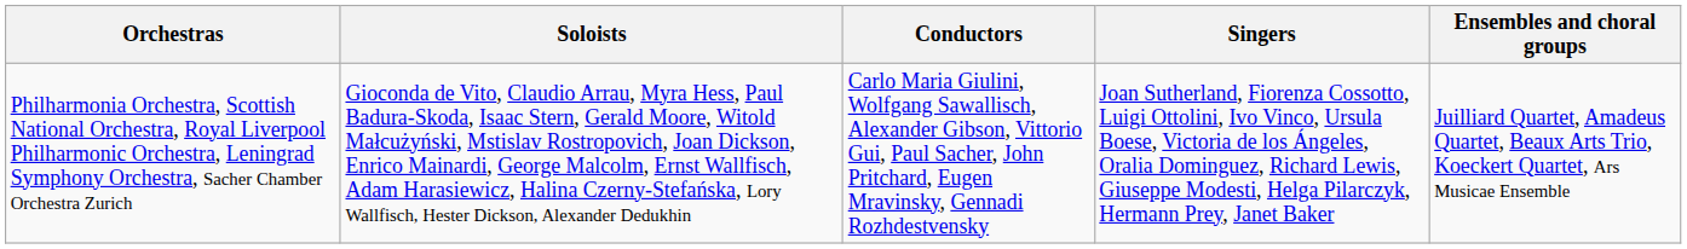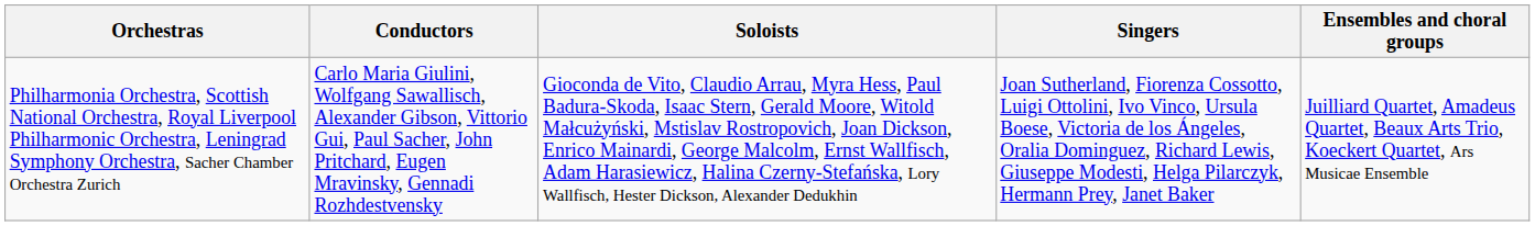 <table class="wikitable toptextcells">
 <tr class="hintergrundfarbe5">
 <th style="width:20%;">Orchestras</th>
+<th style="width:15%;">Conductors</th>
 <th style="width:30%;">Soloists</th>
-<th style="width:15%;">Conductors</th>
 <th style="width:20%;">Singers</th>
 <th style="width:15%;">Ensembles and choral groups</th>
 </tr>
 <tr>
 <td><a href='#'>Philharmonia Orchestra</a>, <a href='#'>Scottish National Orchestra</a>, <a href='#'>Royal Liverpool Philharmonic Orchestra</a>, <a href='#'>Leningrad Symphony Orchestra</a>, <small>Sacher Chamber Orchestra Zurich</small></td>
+<td><a href='#'>Carlo Maria Giulini</a>, <a href='#'>Wolfgang Sawallisch</a>, <a href='#'>Alexander Gibson</a>, <a href='#'>Vittorio Gui</a>, <a href='#'>Paul Sacher</a>, <a href='#'>John Pritchard</a>, <a href='#'>Eugen Mravinsky</a>, <a href='#'>Gennadi Rozhdestvensky</a></td>
 <td><a href='#'>Gioconda de Vito</a>, <a href='#'>Claudio Arrau</a>, <a href='#'>Myra Hess</a>, <a href='#'>Paul Badura-Skoda</a>, <a href='#'>Isaac Stern</a>, <a href='#'>Gerald Moore</a>, <a href='#'>Witold Małcużyński</a>, <a href='#'>Mstislav Rostropovich</a>, <a href='#'>Joan Dickson</a>, <a href='#'>Enrico Mainardi</a>, <a href='#'>George Malcolm</a>, <a href='#'>Ernst Wallfisch</a>, <a href='#'>Adam Harasiewicz</a>, <a href='#'>Halina Czerny-Stefańska</a>, <small>Lory Wallfisch, Hester Dickson, Alexander Dedukhin</small></td>
-<td><a href='#'>Carlo Maria Giulini</a>, <a href='#'>Wolfgang Sawallisch</a>, <a href='#'>Alexander Gibson</a>, <a href='#'>Vittorio Gui</a>, <a href='#'>Paul Sacher</a>, <a href='#'>John Pritchard</a>, <a href='#'>Eugen Mravinsky</a>, <a href='#'>Gennadi Rozhdestvensky</a></td>
 <td><a href='#'>Joan Sutherland</a>, <a href='#'>Fiorenza Cossotto</a>, <a href='#'>Luigi Ottolini</a>, <a href='#'>Ivo Vinco</a>, <a href='#'>Ursula Boese</a>, <a href='#'>Victoria de los Ángeles</a>, <a href='#'>Oralia Dominguez</a>, <a href='#'>Richard Lewis</a>, <a href='#'>Giuseppe Modesti</a>, <a href='#'>Helga Pilarczyk</a>, <a href='#'>Hermann Prey</a>, <a href='#'>Janet Baker</a></td>
 <td><a href='#'>Juilliard Quartet</a>, <a href='#'>Amadeus Quartet</a>, <a href='#'>Beaux Arts Trio</a>, <a href='#'>Koeckert Quartet</a>, <small>Ars Musicae Ensemble</small></td>
 </tr>
 </table>
